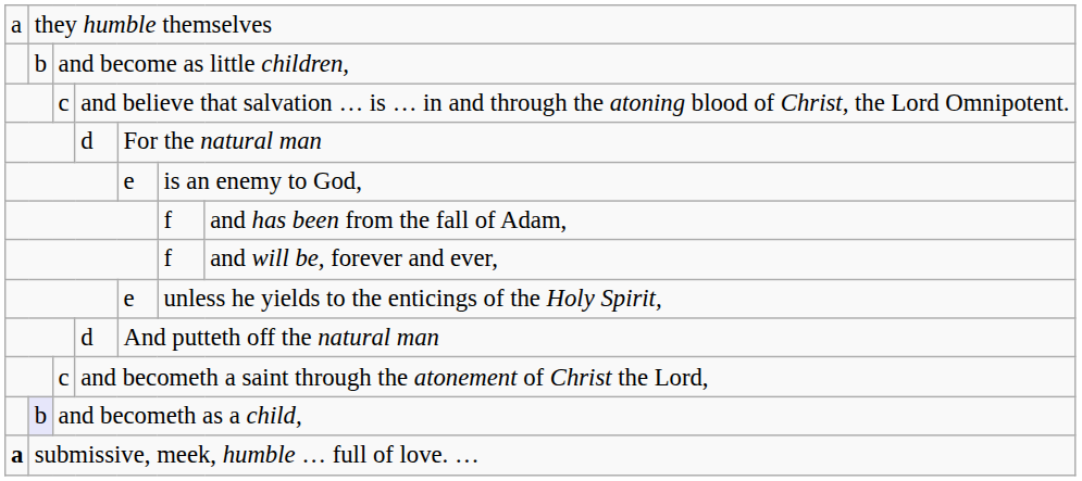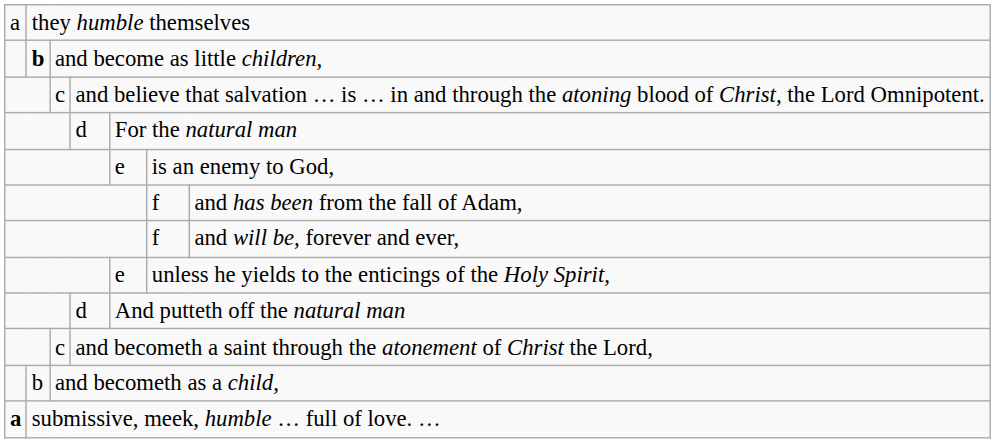 <table class="wikitable">
 <tr>
 <td>a</td>
 <td colspan="6">they <em>humble</em> themselves</td>
 </tr>
 <tr>
 <td></td>
-<td>b</td>
+<td><strong>b</strong></td>
 <td colspan="5">and become as little <em>children,</em></td>
 </tr>
 <tr>
 <td colspan="2"></td>
 <td>c</td>
 <td colspan="4">and believe that salvation … is … in and through the <em>atoning</em> blood of <em>Christ,</em> the Lord Omnipotent.</td>
 </tr>
 <tr>
 <td colspan="3"></td>
 <td>d</td>
 <td colspan="3">For the <em>natural man</em></td>
 </tr>
 <tr>
 <td colspan="4"></td>
 <td>e</td>
 <td colspan="2">is an enemy to God,</td>
 </tr>
 <tr>
 <td colspan="5"></td>
 <td>f</td>
 <td>and <em>has been</em> from the fall of Adam,</td>
 </tr>
 <tr>
 <td colspan="5"></td>
 <td>f</td>
 <td>and <em>will be,</em> forever and ever,</td>
 </tr>
 <tr>
 <td colspan="4"></td>
 <td>e</td>
 <td colspan="2">unless he yields to the enticings of the <em>Holy Spirit,</em></td>
 </tr>
 <tr>
 <td colspan="3"></td>
 <td>d</td>
 <td colspan="3">And putteth off the <em>natural man</em></td>
 </tr>
 <tr>
 <td colspan="2"></td>
 <td>c</td>
 <td colspan="4">and becometh a saint through the <em>atonement</em> of <em>Christ</em> the Lord,</td>
 </tr>
 <tr>
 <td></td>
-<td style="background: lavender;">b</td>
+<td>b</td>
 <td colspan="5">and becometh as a <em>child,</em></td>
 </tr>
 <tr>
 <td><strong>a</strong></td>
 <td colspan="6">submissive, meek, <em>humble</em> … full of love. …</td>
 </tr>
 </table>
